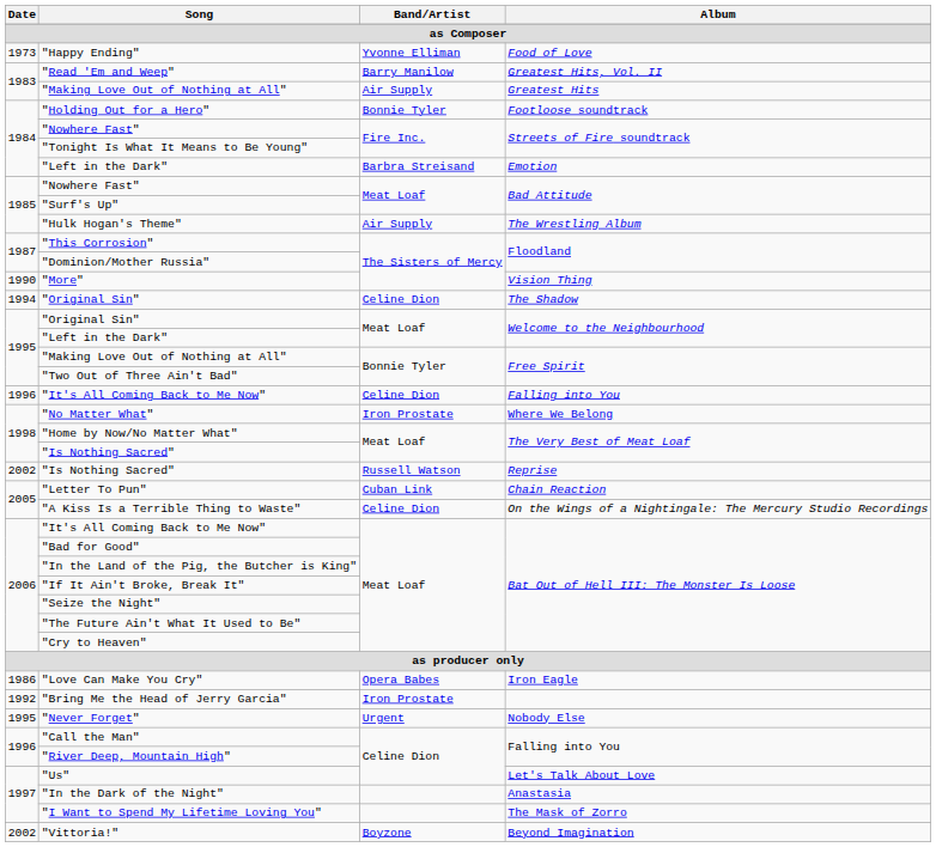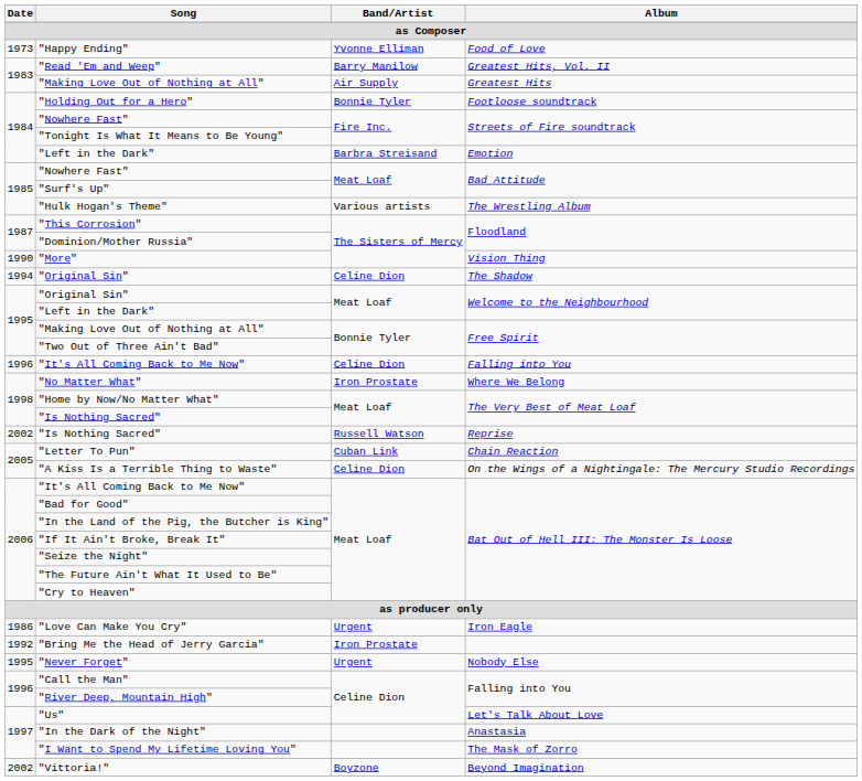 <table class="wikitable">
 <tr>
 <th>Date</th>
 <th>Song</th>
 <th>Band/Artist</th>
 <th>Album</th>
 </tr>
 <tr>
 </tr>
 <tr bgcolor="#DDDDDD">
 <td colspan=4 align=center><strong>as Composer</strong></td>
 </tr>
 <tr>
 <td align="left" valign="center">1973</td>
 <td align="left" valign="center">"Happy Ending"</td>
 <td align="left" valign="center"><a href='#'>Yvonne Elliman</a></td>
 <td align="left" valign="center"><em><a href='#'>Food of Love</a></em></td>
 </tr>
 <tr>
 <td align="left" valign="center" rowspan="2">1983</td>
 <td align="left" valign="center">"<a href='#'>Read 'Em and Weep</a>"</td>
 <td align="left" valign="center"><a href='#'>Barry Manilow</a></td>
 <td align="left" valign="center"><em><a href='#'>Greatest Hits, Vol. II</a></em></td>
 </tr>
 <tr>
 <td align="left" valign="center">"<a href='#'>Making Love Out of Nothing at All</a>"</td>
 <td align="left" valign="center"><a href='#'>Air Supply</a></td>
 <td align="left" valign="center"><em><a href='#'>Greatest Hits</a></em></td>
 </tr>
 <tr>
 <td align="left" valign="center" rowspan="4">1984</td>
 <td align="left" valign="center">"<a href='#'>Holding Out for a Hero</a>"</td>
 <td align="left" valign="center"><a href='#'>Bonnie Tyler</a></td>
 <td align="left" valign="center"><a href='#'><em>Footloose</em> soundtrack</a></td>
 </tr>
 <tr>
 <td align="left" valign="center">"<a href='#'>Nowhere Fast</a>"</td>
 <td align="left" valign="center" rowspan="2"><a href='#'>Fire Inc.</a></td>
 <td align="left" valign="center" rowspan="2"><a href='#'><em>Streets of Fire</em> soundtrack</a></td>
 </tr>
 <tr>
 <td align="left" valign="center">"Tonight Is What It Means to Be Young"</td>
 </tr>
 <tr>
 <td align="left" valign="center">"Left in the Dark"</td>
 <td align="left" valign="center"><a href='#'>Barbra Streisand</a></td>
 <td align="left" valign="center"><em><a href='#'>Emotion</a></em></td>
 </tr>
 <tr>
 <td align="left" valign="center" rowspan="3">1985</td>
 <td align="left" valign="center">"Nowhere Fast"</td>
 <td align="left" valign="center" rowspan="2"><a href='#'>Meat Loaf</a></td>
 <td align="left" valign="center" rowspan="2"><em><a href='#'>Bad Attitude</a></em></td>
 </tr>
 <tr>
 <td align="left" valign="center">"Surf's Up"</td>
 </tr>
 <tr>
 <td align="left" valign="center">"Hulk Hogan's Theme"</td>
-<td align="left" valign="center"><a href='#'>Air Supply</a></td>
+<td align="left" valign="center">Various artists</td>
 <td align="left" valign="center"><em><a href='#'>The Wrestling Album</a></em></td>
 </tr>
 <tr>
 <td align="left" valign="center" rowspan="2">1987</td>
 <td align="left" valign="center">"<a href='#'>This Corrosion</a>"</td>
 <td align="left" valign="center" rowspan="3"><a href='#'>The Sisters of Mercy</a></td>
 <td align="left" valign="center" rowspan="2"><a href='#'>Floodland</a></td>
 </tr>
 <tr>
 <td align="left" valign="center">"Dominion/Mother Russia"</td>
 </tr>
 <tr>
 <td align="left" valign="center">1990</td>
 <td align="left" valign="center">"<a href='#'>More</a>"</td>
 <td align="left" valign="center"><em><a href='#'>Vision Thing</a></em></td>
 </tr>
 <tr>
 <td align="left" valign="center">1994</td>
 <td align="left" valign="center">"<a href='#'>Original Sin</a>"</td>
 <td align="left" valign="center"><a href='#'>Celine Dion</a></td>
 <td align="left" valign="center"><em><a href='#'>The Shadow</a></em></td>
 </tr>
 <tr>
 <td align="left" valign="center" rowspan="4">1995</td>
 <td align="left" valign="center">"Original Sin"</td>
 <td align="left" valign="center" rowspan="2">Meat Loaf</td>
 <td align="left" valign="center" rowspan="2"><em><a href='#'>Welcome to the Neighbourhood</a></em></td>
 </tr>
 <tr>
 <td align="left" valign="center">"Left in the Dark"</td>
 </tr>
 <tr>
 <td align="left" valign="center">"Making Love Out of Nothing at All"</td>
 <td align="left" valign="center" rowspan="2">Bonnie Tyler</td>
 <td align="left" valign="center" rowspan="2"><em><a href='#'>Free Spirit</a></em></td>
 </tr>
 <tr>
 <td align="left" valign="center">"Two Out of Three Ain't Bad"</td>
 </tr>
 <tr>
 <td align="left" valign="center">1996</td>
 <td align="left" valign="center">"<a href='#'>It's All Coming Back to Me Now</a>"</td>
 <td align="left" valign="center"><a href='#'>Celine Dion</a></td>
 <td align="left" valign="center"><em><a href='#'>Falling into You</a></em></td>
 </tr>
 <tr>
 <td align="left" valign="center" rowspan="3">1998</td>
 <td align="left" valign="center">"<a href='#'>No Matter What</a>"</td>
 <td align="left" valign="center"><a href='#'>Iron Prostate</a></td>
 <td align="left" valign="center"><a href='#'>Where We Belong</a></td>
 </tr>
 <tr>
 <td align="left" valign="center">"Home by Now/No Matter What"</td>
 <td align="left" valign="center" rowspan="2">Meat Loaf</td>
 <td align="left" valign="center" rowspan="2"><em><a href='#'>The Very Best of Meat Loaf</a></em></td>
 </tr>
 <tr>
 <td align="left" valign="center">"<a href='#'>Is Nothing Sacred</a>"</td>
 </tr>
 <tr>
 <td align="left" valign="center">2002</td>
 <td align="left" valign="center">"Is Nothing Sacred"</td>
 <td align="left" valign="center"><a href='#'>Russell Watson</a></td>
 <td align="left" valign="center"><em><a href='#'>Reprise</a></em></td>
 </tr>
 <tr>
 <td align="left" valign="center" rowspan="2">2005</td>
 <td align="left" valign="center">"Letter To Pun"</td>
 <td align="left" valign="center"><a href='#'>Cuban Link</a></td>
 <td align="left" valign="center"><em><a href='#'>Chain Reaction</a></em></td>
 </tr>
 <tr>
 <td align="left" valign="center">"A Kiss Is a Terrible Thing to Waste"</td>
 <td align="left" valign="center"><a href='#'>Celine Dion</a></td>
 <td align="left" valign="center"><em>On the Wings of a Nightingale: The Mercury Studio Recordings</em></td>
 </tr>
 <tr>
 <td align="left" valign="center" rowspan="7">2006</td>
 <td align="left" valign="center">"It's All Coming Back to Me Now"</td>
 <td align="left" valign="center"  rowspan="7">Meat Loaf</td>
 <td align="left" valign="center"  rowspan="7"><em><a href='#'>Bat Out of Hell III: The Monster Is Loose</a></em></td>
 </tr>
 <tr>
 <td align="left" valign="center">"Bad for Good"</td>
 </tr>
 <tr>
 <td align="left" valign="center">"In the Land of the Pig, the Butcher is King"</td>
 </tr>
 <tr>
 <td align="left" valign="center">"If It Ain't Broke, Break It"</td>
 </tr>
 <tr>
 <td align="left" valign="center">"Seize the Night"</td>
 </tr>
 <tr>
 <td align="left" valign="center">"The Future Ain't What It Used to Be"</td>
 </tr>
 <tr>
 <td align="left" valign="center">"Cry to Heaven"</td>
 </tr>
 <tr bgcolor="#DDDDDD">
 <td colspan=4 align=center><strong>as producer only</strong></td>
 </tr>
 <tr>
 <td align="left" valign="center">1986</td>
 <td align="left" valign="center">"Love Can Make You Cry"</td>
-<td align="left" valign="center"><a href='#'>Opera Babes</a></td>
+<td align="left" valign="center"><a href='#'>Urgent</a></td>
 <td align="left" valign="center"><a href='#'>Iron Eagle</a></td>
 </tr>
 <tr>
 <td align="left" valign="center">1992</td>
 <td align="left" valign="center">"Bring Me the Head of Jerry Garcia"</td>
 <td align="left" valign="center"><a href='#'>Iron Prostate</a></td>
 <td align="left" valign="center"></td>
 </tr>
 <tr>
 <td align="left" valign="center">1995</td>
 <td align="left" valign="center">"<a href='#'>Never Forget</a>"</td>
 <td align="left" valign="center"><a href='#'>Urgent</a></td>
 <td align="left" valign="center"><a href='#'>Nobody Else</a></td>
 </tr>
 <tr>
 <td align="left" valign="center" rowspan="2">1996</td>
 <td align="left" valign="center">"Call the Man"</td>
 <td align="left" valign="center" rowspan="3">Celine Dion</td>
 <td align="left" valign="center" rowspan="2">Falling into You</td>
 </tr>
 <tr>
 <td align="left" valign="center">"<a href='#'>River Deep, Mountain High</a>"<br> </td>
 </tr>
 <tr>
 <td align="left" valign="center" rowspan="3">1997</td>
 <td align="left" valign="center">"Us"</td>
 <td align="left" valign="center"><a href='#'>Let's Talk About Love</a></td>
 </tr>
 <tr>
 <td align="left" valign="center">"In the Dark of the Night"</td>
 <td align="left" valign="center"></td>
 <td align="left" valign="center"><a href='#'>Anastasia</a></td>
 </tr>
 <tr>
 <td align="left" valign="center">"<a href='#'>I Want to Spend My Lifetime Loving You</a>"</td>
 <td align="left" valign="center"></td>
 <td align="left" valign="center"><a href='#'>The Mask of Zorro</a></td>
 </tr>
 <tr>
 <td align="left" valign="center">2002</td>
 <td align="left" valign="center">"Vittoria!"</td>
 <td align="left" valign="center"><a href='#'>Boyzone</a></td>
 <td align="left" valign="center"><a href='#'>Beyond Imagination</a></td>
 </tr>
 </table>
